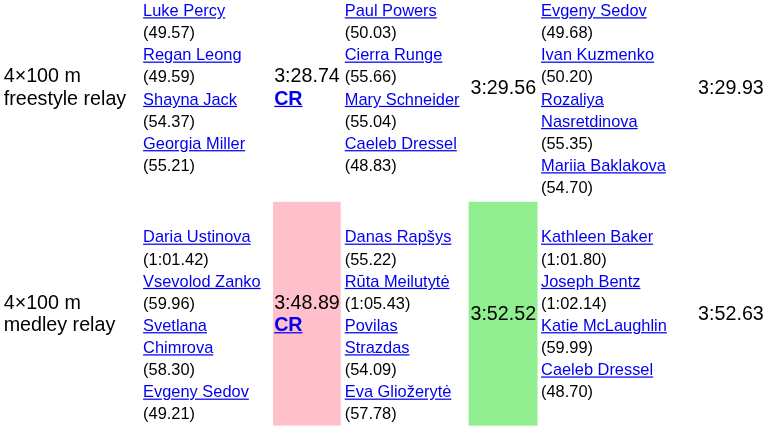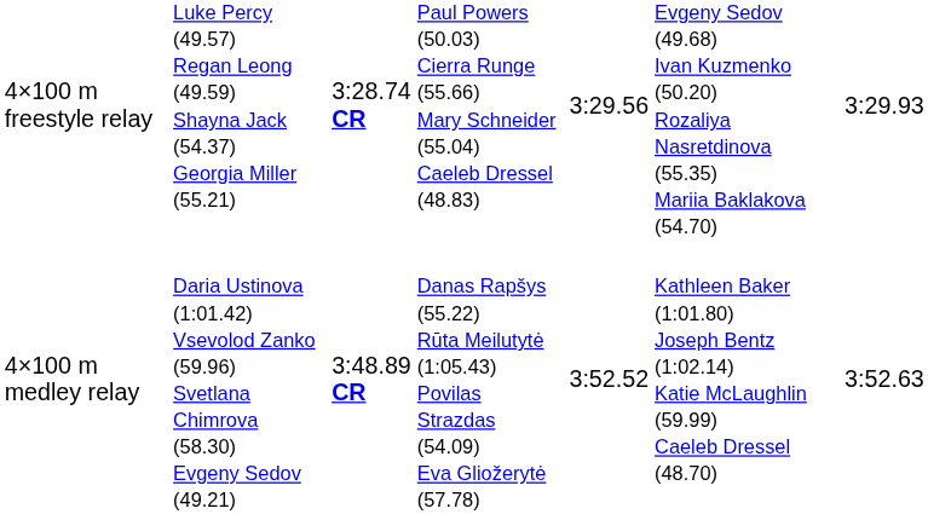 <table>
 <tr>
 <td>4×100 m freestyle relay</td>
 <td valign=top><br><small><a href='#'>Luke Percy</a> (49.57)<br><a href='#'>Regan Leong</a> (49.59)<br><a href='#'>Shayna Jack</a> (54.37)<br><a href='#'>Georgia Miller</a> (55.21)</small></td>
 <td>3:28.74 <br><strong><a href='#'>CR</a></strong></td>
 <td valign=top><br><small><a href='#'>Paul Powers</a> (50.03)<br><a href='#'>Cierra Runge</a> (55.66)<br><a href='#'>Mary Schneider</a> (55.04)<br><a href='#'>Caeleb Dressel</a> (48.83)</small></td>
 <td>3:29.56</td>
 <td valign=top><br><small><a href='#'>Evgeny Sedov</a> (49.68)<br><a href='#'>Ivan Kuzmenko</a> (50.20)<br><a href='#'>Rozaliya Nasretdinova</a> (55.35)<br><a href='#'>Mariia Baklakova</a> (54.70)</small></td>
 <td>3:29.93</td>
 </tr>
 <tr>
 <td>4×100 m medley relay</td>
 <td valign=top><br><small><a href='#'>Daria Ustinova</a> (1:01.42)<br><a href='#'>Vsevolod Zanko</a> (59.96)<br><a href='#'>Svetlana Chimrova</a> (58.30)<br><a href='#'>Evgeny Sedov</a> (49.21)</small></td>
-<td style="background: pink;">3:48.89<br><strong><a href='#'>CR</a></strong></td>
+<td>3:48.89<br><strong><a href='#'>CR</a></strong></td>
 <td valign=top><br><small><a href='#'>Danas Rapšys</a> (55.22)<br><a href='#'>Rūta Meilutytė</a> (1:05.43)<br><a href='#'>Povilas Strazdas</a> (54.09)<br><a href='#'>Eva Gliožerytė</a> (57.78)</small></td>
-<td style="background: lightgreen;">3:52.52</td>
+<td>3:52.52</td>
 <td valign=top><br><small><a href='#'>Kathleen Baker</a> (1:01.80)<br><a href='#'>Joseph Bentz</a> (1:02.14)<br><a href='#'>Katie McLaughlin</a> (59.99)<br><a href='#'>Caeleb Dressel</a> (48.70)</small></td>
 <td>3:52.63</td>
 </tr>
 <tr>
 </tr>
 </table>
